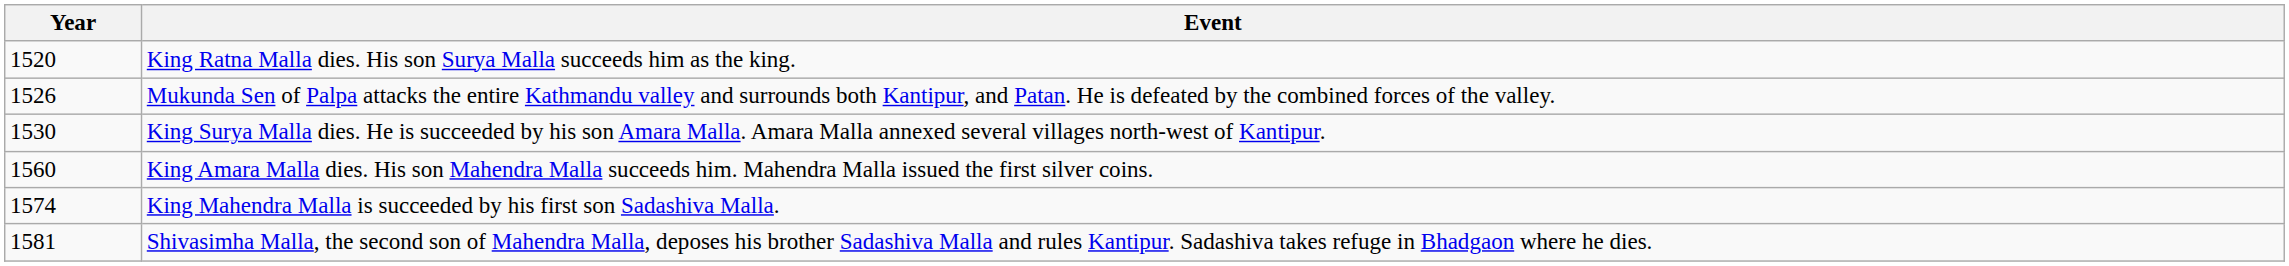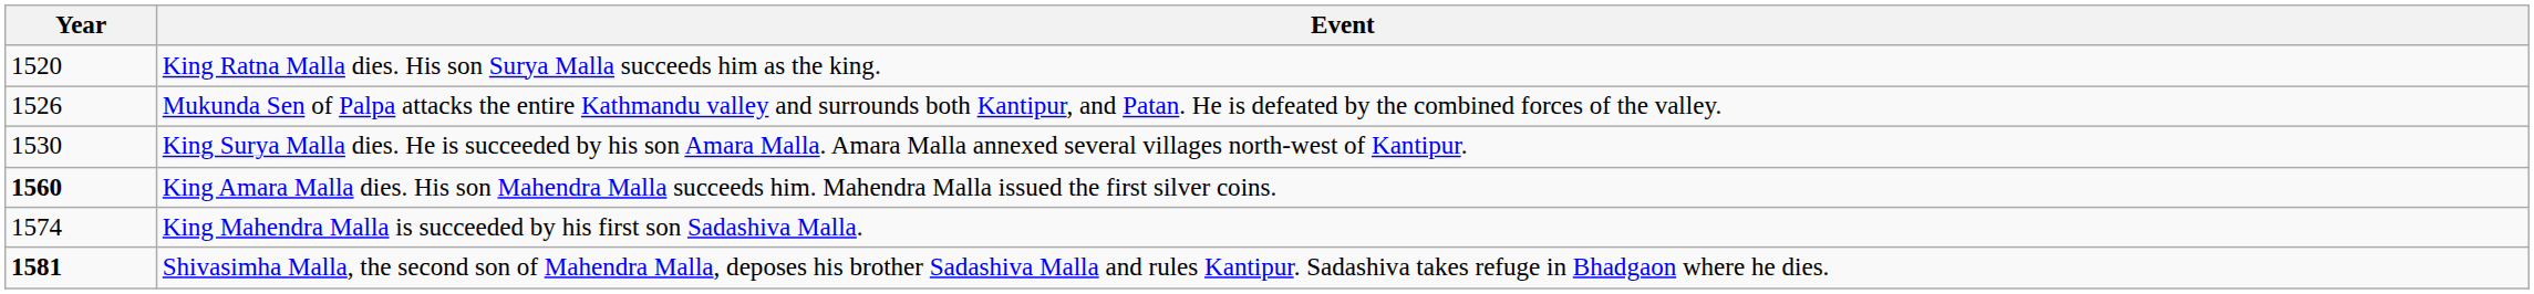 <table class="wikitable" width="100%">
 <tr>
 <th style="width:6%">Year</th>
 <th>Event</th>
 </tr>
 <tr>
 <td>1520</td>
 <td><a href='#'>King Ratna Malla</a> dies. His son <a href='#'>Surya Malla</a> succeeds him as the king.</td>
 </tr>
 <tr>
 <td>1526</td>
 <td><a href='#'>Mukunda Sen</a> of <a href='#'>Palpa</a> attacks the entire <a href='#'>Kathmandu valley</a> and surrounds both <a href='#'>Kantipur</a>, and <a href='#'>Patan</a>. He is defeated by the combined forces of the valley.</td>
 </tr>
 <tr>
 <td>1530</td>
 <td><a href='#'>King Surya Malla</a> dies. He is succeeded by his son <a href='#'>Amara Malla</a>. Amara Malla annexed several villages north-west of <a href='#'>Kantipur</a>.</td>
 </tr>
 <tr>
-<td>1560</td>
+<td><strong>1560</strong></td>
 <td><a href='#'>King Amara Malla</a> dies. His son <a href='#'>Mahendra Malla</a> succeeds him. Mahendra Malla issued the first silver coins.</td>
 </tr>
 <tr>
 <td>1574</td>
 <td><a href='#'>King Mahendra Malla</a> is succeeded by his first son <a href='#'>Sadashiva Malla</a>.</td>
 </tr>
 <tr>
-<td>1581</td>
+<td><strong>1581</strong></td>
 <td><a href='#'>Shivasimha Malla</a>, the second son of <a href='#'>Mahendra Malla</a>, deposes his brother <a href='#'>Sadashiva Malla</a> and rules <a href='#'>Kantipur</a>. Sadashiva takes refuge in <a href='#'>Bhadgaon</a> where he dies.</td>
 </tr>
 </table>
